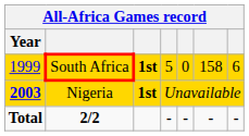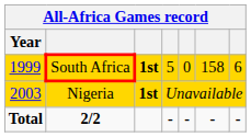 <table class="wikitable" style="text-align: center;">
 <tr>
 <th colspan=8><a href='#'>All-Africa Games record</a></th>
 </tr>
 <tr>
 <th>Year</th>
 <th></th>
 <th></th>
 <th></th>
 <th></th>
 <th></th>
 <th></th>
 </tr>
 <tr style="background:Gold;">
 <td><a href='#'>1999</a></td>
 <td style="border: 3px solid red">South Africa</td>
 <td> <strong>1st</strong></td>
 <td>5</td>
 <td>0</td>
 <td>158</td>
 <td>6</td>
 </tr>
 <tr style="background:Gold;">
-<td><strong><a href='#'>2003</a></strong></td>
+<td><a href='#'>2003</a></td>
 <td>Nigeria</td>
 <td> <strong>1st</strong></td>
 <td colspan=4 align=center><em>Unavailable</em></td>
 </tr>
 <tr>
 <td><strong>Total</strong></td>
 <td><strong>2/2</strong></td>
 <td></td>
 <td><strong>-</strong></td>
 <td><strong>-</strong></td>
 <td><strong>-</strong></td>
 <td><strong>-</strong></td>
 </tr>
 </table>
